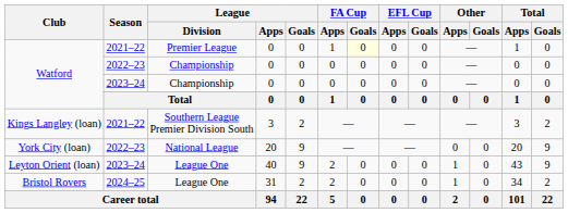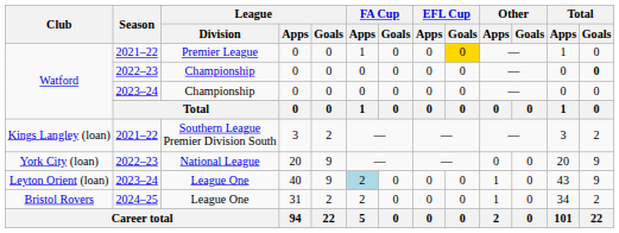 <table class="wikitable" style="text-align: center;">
 <tr>
 <th rowspan="2">Club</th>
 <th rowspan="2">Season</th>
 <th colspan="3">League</th>
 <th colspan="2"><a href='#'>FA Cup</a></th>
 <th colspan="2"><a href='#'>EFL Cup</a></th>
 <th colspan="2">Other</th>
 <th colspan="2">Total</th>
 </tr>
 <tr>
 <th>Division</th>
 <th>Apps</th>
 <th>Goals</th>
 <th>Apps</th>
 <th>Goals</th>
 <th>Apps</th>
 <th>Goals</th>
 <th>Apps</th>
 <th>Goals</th>
 <th>Apps</th>
 <th>Goals</th>
 </tr>
 <tr>
 <td rowspan="4"><a href='#'>Watford</a></td>
 <td><a href='#'>2021–22</a></td>
 <td><a href='#'>Premier League</a></td>
 <td>0</td>
 <td>0</td>
 <td>1</td>
-<td style="background: lightyellow;">0</td>
 <td>0</td>
 <td>0</td>
+<td style="background: gold;">0</td>
 <td colspan="2">—</td>
 <td>1</td>
 <td>0</td>
 </tr>
 <tr>
 <td><a href='#'>2022–23</a></td>
 <td><a href='#'>Championship</a></td>
 <td>0</td>
 <td>0</td>
 <td>0</td>
 <td>0</td>
 <td>0</td>
 <td>0</td>
 <td colspan="2">—</td>
 <td>0</td>
-<td>0</td>
+<td><strong>0</strong></td>
 </tr>
 <tr>
 <td><a href='#'>2023–24</a></td>
 <td>Championship</td>
 <td>0</td>
 <td>0</td>
 <td>0</td>
 <td>0</td>
 <td>0</td>
 <td>0</td>
 <td colspan="2">—</td>
 <td>0</td>
 <td>0</td>
 </tr>
 <tr>
 <th colspan="2">Total</th>
 <th>0</th>
 <th>0</th>
 <th>1</th>
 <th>0</th>
 <th>0</th>
 <th>0</th>
 <th>0</th>
 <th>0</th>
 <th>1</th>
 <th>0</th>
 </tr>
 <tr>
 <td><a href='#'>Kings Langley</a> (loan)</td>
 <td><a href='#'>2021–22</a></td>
 <td><a href='#'>Southern League</a><br>Premier Division South</td>
 <td>3</td>
 <td>2</td>
 <td colspan="2">—</td>
 <td colspan="2">—</td>
 <td colspan="2">—</td>
 <td>3</td>
 <td>2</td>
 </tr>
 <tr>
 <td><a href='#'>York City</a> (loan)</td>
 <td><a href='#'>2022–23</a></td>
 <td><a href='#'>National League</a></td>
 <td>20</td>
 <td>9</td>
 <td colspan="2">—</td>
 <td colspan="2">—</td>
 <td>0</td>
 <td>0</td>
 <td>20</td>
 <td>9</td>
 </tr>
 <tr>
 <td><a href='#'>Leyton Orient</a> (loan)</td>
 <td><a href='#'>2023–24</a></td>
 <td><a href='#'>League One</a></td>
 <td>40</td>
 <td>9</td>
-<td>2</td>
+<td style="background: lightblue;">2</td>
 <td>0</td>
 <td>0</td>
 <td>0</td>
 <td>1</td>
 <td>0</td>
 <td>43</td>
 <td>9</td>
 </tr>
 <tr>
 <td><a href='#'>Bristol Rovers</a></td>
 <td><a href='#'>2024–25</a></td>
 <td>League One</td>
 <td>31</td>
 <td>2</td>
 <td>2</td>
 <td>0</td>
 <td>0</td>
 <td>0</td>
 <td>1</td>
 <td>0</td>
 <td>34</td>
 <td>2</td>
 </tr>
 <tr>
 <th colspan="3">Career total</th>
 <th>94</th>
 <th>22</th>
 <th>5</th>
 <th>0</th>
 <th>0</th>
 <th>0</th>
 <th>2</th>
 <th>0</th>
 <th>101</th>
 <th>22</th>
 </tr>
 </table>
